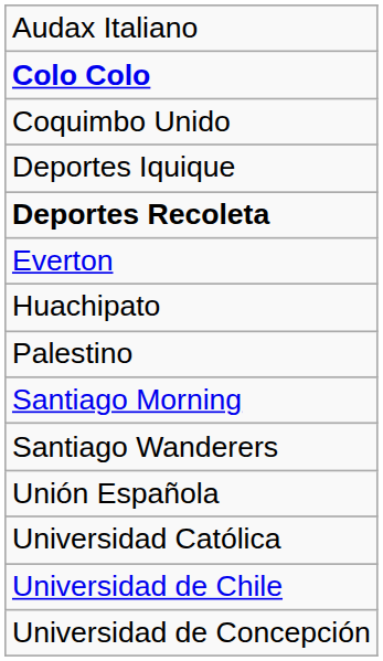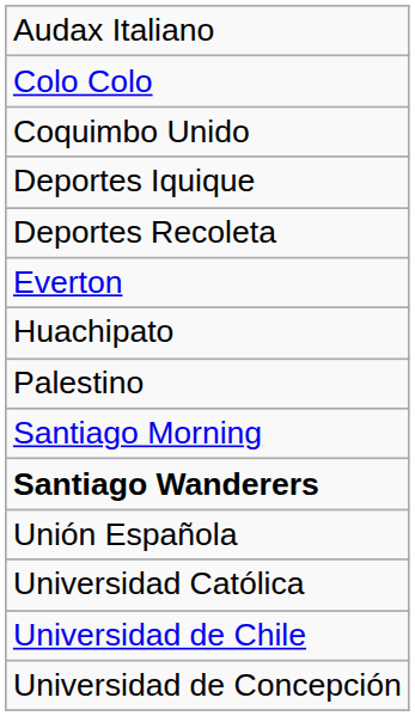 <table class="wikitable sortable">
 <tr>
 <td>Audax Italiano</td>
 </tr>
 <tr>
-<td><strong><a href='#'>Colo Colo</a></strong></td>
+<td><a href='#'>Colo Colo</a></td>
 </tr>
 <tr>
 <td>Coquimbo Unido</td>
 </tr>
 <tr>
 <td>Deportes Iquique</td>
 </tr>
 <tr>
-<td><strong>Deportes Recoleta</strong></td>
+<td>Deportes Recoleta</td>
 </tr>
 <tr>
 <td><a href='#'>Everton</a></td>
 </tr>
 <tr>
 <td>Huachipato</td>
 </tr>
 <tr>
 <td>Palestino</td>
 </tr>
 <tr>
 <td><a href='#'>Santiago Morning</a></td>
 </tr>
 <tr>
-<td>Santiago Wanderers</td>
+<td><strong>Santiago Wanderers</strong></td>
 </tr>
 <tr>
 <td>Unión Española</td>
 </tr>
 <tr>
 <td>Universidad Católica</td>
 </tr>
 <tr>
 <td><a href='#'>Universidad de Chile</a></td>
 </tr>
 <tr>
 <td>Universidad de Concepción</td>
 </tr>
 </table>
